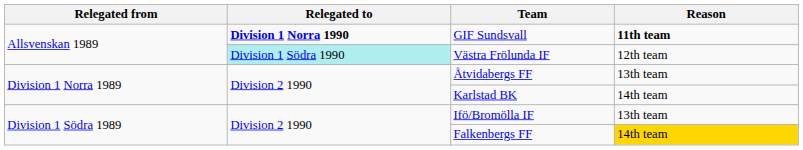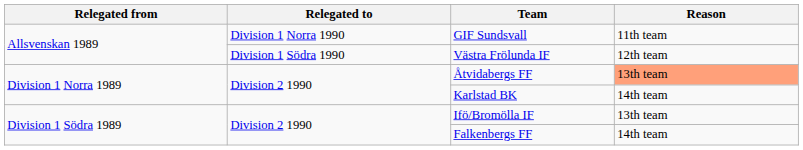 <table class="wikitable" style="text-align: left">
 <tr>
 <th style="width: 275px;">Relegated from</th>
 <th style="width: 275px;">Relegated to</th>
 <th style="width: 200px;">Team</th>
 <th style="width: 225px;">Reason</th>
 </tr>
 <tr>
 <td rowspan=2><a href='#'>Allsvenskan</a> 1989</td>
-<td><strong><a href='#'>Division 1</a> <a href='#'>Norra</a> 1990</strong></td>
+<td><a href='#'>Division 1</a> <a href='#'>Norra</a> 1990</td>
 <td><a href='#'>GIF Sundsvall</a></td>
-<td><strong>11th team</strong></td>
+<td>11th team</td>
 </tr>
 <tr>
-<td style="background: paleturquoise;"><a href='#'>Division 1</a> <a href='#'>Södra</a> 1990</td>
+<td><a href='#'>Division 1</a> <a href='#'>Södra</a> 1990</td>
 <td><a href='#'>Västra Frölunda IF</a></td>
 <td>12th team</td>
 </tr>
 <tr>
 <td rowspan=2><a href='#'>Division 1</a> <a href='#'>Norra</a> 1989</td>
 <td rowspan=2><a href='#'>Division 2</a> 1990</td>
 <td><a href='#'>Åtvidabergs FF</a></td>
-<td>13th team</td>
+<td style="background: lightsalmon;">13th team</td>
 </tr>
 <tr>
 <td><a href='#'>Karlstad BK</a></td>
 <td>14th team</td>
 </tr>
 <tr>
 <td rowspan=2><a href='#'>Division 1</a> <a href='#'>Södra</a> 1989</td>
 <td rowspan=2><a href='#'>Division 2</a> 1990</td>
 <td><a href='#'>Ifö/Bromölla IF</a></td>
 <td>13th team</td>
 </tr>
 <tr>
 <td><a href='#'>Falkenbergs FF</a></td>
-<td style="background: gold;">14th team</td>
+<td>14th team</td>
 </tr>
 </table>
